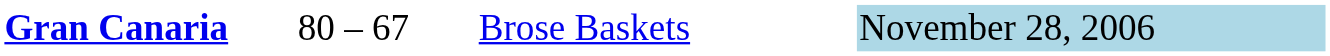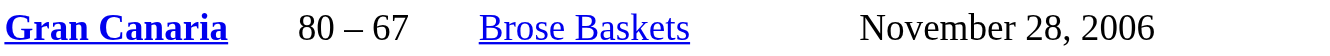 <table style="text-align:center">
 <tr>
 <th width=160></th>
 <th width=100></th>
 <th width=160></th>
 <th width=200></th>
 </tr>
 <tr>
 <td align=right><strong><a href='#'>Gran Canaria</a></strong> </td>
 <td>80 – 67</td>
 <td align=left> <a href='#'>Brose Baskets</a></td>
-<td align=left style="background: lightblue;">November 28, 2006</td>
+<td align=left>November 28, 2006</td>
 </tr>
 </table>
